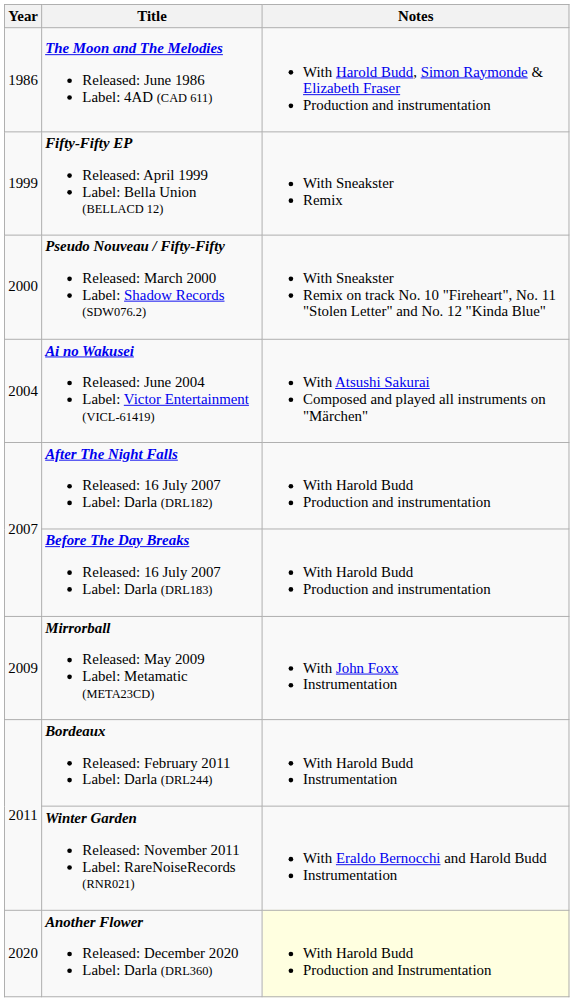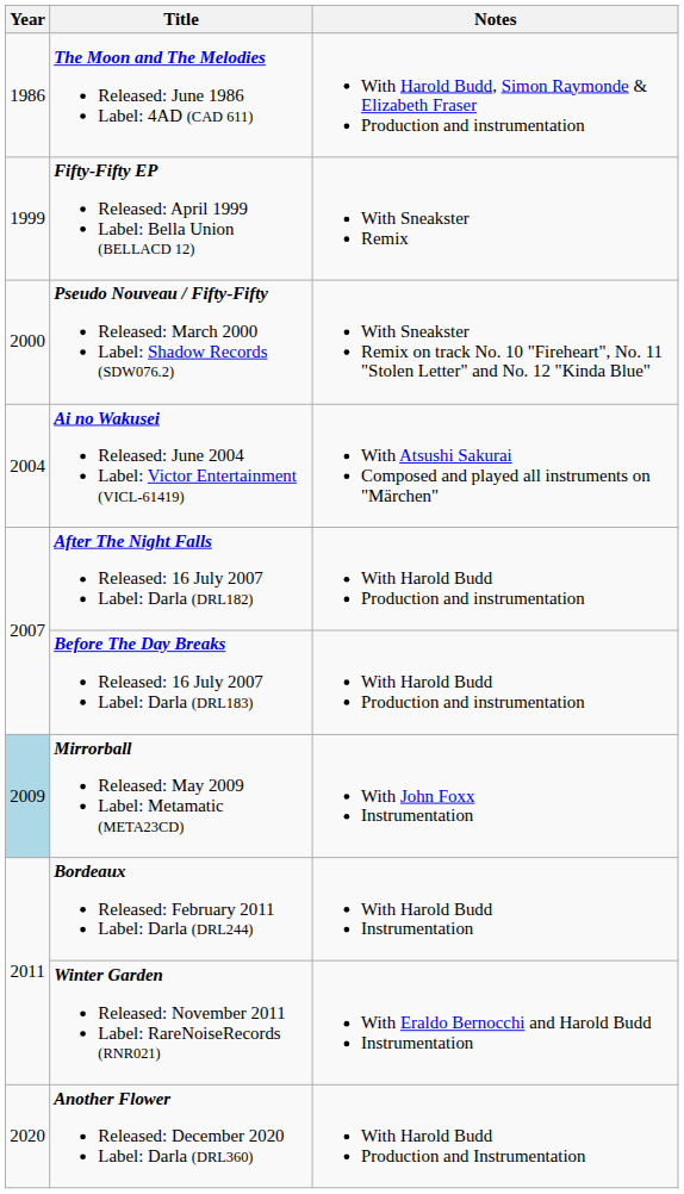 <table class="wikitable">
 <tr>
 <th width="33">Year</th>
 <th width="260">Title</th>
 <th width="400">Notes</th>
 </tr>
 <tr>
 <td align="center">1986</td>
 <td><strong><em><a href='#'>The Moon and The Melodies</a></em></strong><br><ul><li>Released: June 1986</li><li>Label: 4AD <small>(CAD 611)</small></li></ul></td>
 <td><br><ul><li>With <a href='#'>Harold Budd</a>, <a href='#'>Simon Raymonde</a> & <a href='#'>Elizabeth Fraser</a></li><li>Production and instrumentation</li></ul></td>
 </tr>
 <tr>
 <td align="center">1999</td>
 <td><strong><em>Fifty-Fifty EP</em></strong><br><ul><li>Released: April 1999</li><li>Label: Bella Union <small>(BELLACD 12)</small></li></ul></td>
 <td><br><ul><li>With Sneakster</li><li>Remix</li></ul></td>
 </tr>
 <tr>
 <td align="center">2000</td>
 <td><strong><em>Pseudo Nouveau / Fifty-Fifty</em></strong><br><ul><li>Released: March 2000</li><li>Label: <a href='#'>Shadow Records</a> <small>(SDW076.2)</small></li></ul></td>
 <td><br><ul><li>With Sneakster</li><li>Remix on track No. 10 "Fireheart", No. 11 "Stolen Letter" and No. 12 "Kinda Blue"</li></ul></td>
 </tr>
 <tr>
 <td align="center">2004</td>
 <td><strong><em><a href='#'>Ai no Wakusei</a></em></strong><br><ul><li>Released: June 2004</li><li>Label: <a href='#'>Victor Entertainment</a> <small>(VICL-61419)</small></li></ul></td>
 <td><br><ul><li>With <a href='#'>Atsushi Sakurai</a></li><li>Composed and played all instruments on "Märchen"</li></ul></td>
 </tr>
 <tr>
 <td align="center" rowspan="2">2007</td>
 <td><strong><em><a href='#'>After The Night Falls</a></em></strong><br><ul><li>Released: 16 July 2007</li><li>Label: Darla <small>(DRL182)</small></li></ul></td>
 <td><br><ul><li>With Harold Budd</li><li>Production and instrumentation</li></ul></td>
 </tr>
 <tr>
 <td><strong><em><a href='#'>Before The Day Breaks</a></em></strong><br><ul><li>Released: 16 July 2007</li><li>Label: Darla <small>(DRL183)</small></li></ul></td>
 <td><br><ul><li>With Harold Budd</li><li>Production and instrumentation</li></ul></td>
 </tr>
 <tr>
-<td align="center">2009</td>
+<td align="center" style="background: lightblue;">2009</td>
 <td><strong><em>Mirrorball</em></strong><br><ul><li>Released: May 2009</li><li>Label: Metamatic <small>(META23CD)</small></li></ul></td>
 <td><br><ul><li>With <a href='#'>John Foxx</a></li><li>Instrumentation</li></ul></td>
 </tr>
 <tr>
 <td align="center" rowspan="2">2011</td>
 <td><strong><em>Bordeaux</em></strong><br><ul><li>Released: February 2011</li><li>Label: Darla <small>(DRL244)</small></li></ul></td>
 <td><br><ul><li>With Harold Budd</li><li>Instrumentation</li></ul></td>
 </tr>
 <tr>
 <td><strong><em>Winter Garden</em></strong><br><ul><li>Released: November 2011</li><li>Label: RareNoiseRecords <small>(RNR021)</small></li></ul></td>
 <td><br><ul><li>With <a href='#'>Eraldo Bernocchi</a> and Harold Budd</li><li>Instrumentation</li></ul></td>
 </tr>
 <tr>
 <td align="center">2020</td>
 <td><strong><em>Another Flower</em></strong><br><ul><li>Released: December 2020</li><li>Label: Darla <small>(DRL360)</small></li></ul></td>
-<td style="background: lightyellow;"><br><ul><li>With Harold Budd</li><li>Production and Instrumentation</li></ul></td>
+<td><br><ul><li>With Harold Budd</li><li>Production and Instrumentation</li></ul></td>
 </tr>
 </table>
